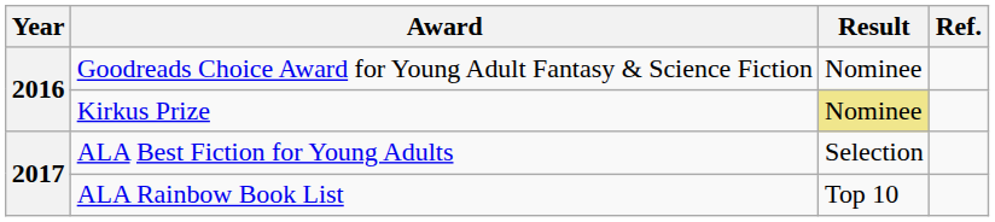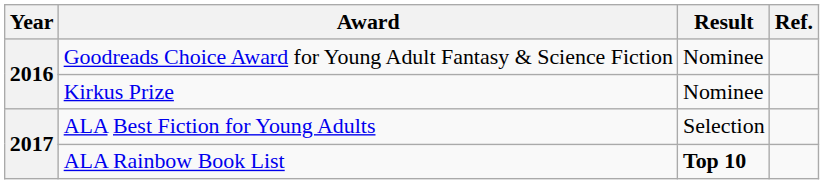 <table class="wikitable">
 <tr>
 <th>Year</th>
 <th>Award</th>
 <th>Result</th>
 <th>Ref.</th>
 </tr>
 <tr>
 <th rowspan="2">2016</th>
 <td><a href='#'>Goodreads Choice Award</a> for Young Adult Fantasy & Science Fiction</td>
 <td>Nominee</td>
 <td></td>
 </tr>
 <tr>
 <td><a href='#'>Kirkus Prize</a></td>
-<td style="background: khaki;">Nominee</td>
+<td>Nominee</td>
 <td></td>
 </tr>
 <tr>
 <th rowspan="2">2017</th>
 <td><a href='#'>ALA</a> <a href='#'>Best Fiction for Young Adults</a></td>
 <td>Selection</td>
 <td></td>
 </tr>
 <tr>
 <td><a href='#'>ALA Rainbow Book List</a></td>
-<td>Top 10</td>
+<td><strong>Top 10</strong></td>
 <td></td>
 </tr>
 </table>
